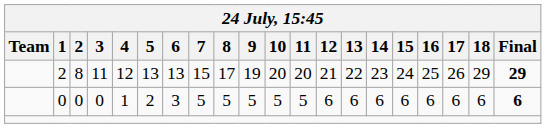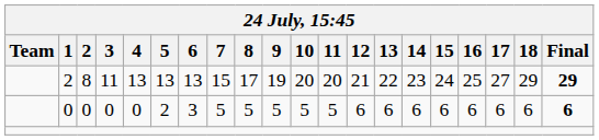 <table class=wikitable style="text-align:center; width: 55%">
 <tr>
 <th colspan=20><em>24 July, 15:45</em></th>
 </tr>
 <tr>
 <th>Team</th>
 <th>1</th>
 <th>2</th>
 <th>3</th>
 <th>4</th>
 <th>5</th>
 <th>6</th>
 <th>7</th>
 <th>8</th>
 <th>9</th>
 <th>10</th>
 <th>11</th>
 <th>12</th>
 <th>13</th>
 <th>14</th>
 <th>15</th>
 <th>16</th>
 <th>17</th>
 <th>18</th>
 <th>Final</th>
 </tr>
 <tr>
 <td align=left><strong></strong></td>
 <td>2</td>
 <td>8</td>
 <td>11</td>
-<td>12</td>
+<td>13</td>
 <td>13</td>
 <td>13</td>
 <td>15</td>
 <td>17</td>
 <td>19</td>
 <td>20</td>
 <td>20</td>
 <td>21</td>
 <td>22</td>
 <td>23</td>
 <td>24</td>
 <td>25</td>
-<td>26</td>
+<td>27</td>
 <td>29</td>
 <td><strong>29</strong></td>
 </tr>
 <tr>
 <td align=left></td>
 <td>0</td>
 <td>0</td>
 <td>0</td>
-<td>1</td>
+<td>0</td>
 <td>2</td>
 <td>3</td>
 <td>5</td>
 <td>5</td>
 <td>5</td>
 <td>5</td>
 <td>5</td>
 <td>6</td>
 <td>6</td>
 <td>6</td>
 <td>6</td>
 <td>6</td>
 <td>6</td>
 <td>6</td>
 <td><strong>6</strong></td>
 </tr>
 <tr>
 <td colspan=20></td>
 </tr>
 </table>
